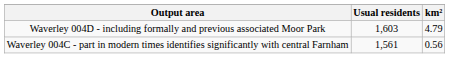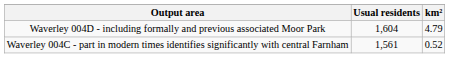 <table class="wikitable">
 <tr>
 </tr>
 <tr>
 <th>Output area</th>
 <th>Usual residents</th>
 <th>km²</th>
 </tr>
 <tr align=center>
 <td>Waverley 004D - including formally and previous associated Moor Park</td>
-<td>1,603</td>
+<td>1,604</td>
 <td>4.79</td>
 </tr>
 <tr align=center>
 <td>Waverley 004C - part in modern times identifies significantly with central Farnham</td>
 <td>1,561</td>
-<td>0.56</td>
+<td>0.52</td>
 </tr>
 </table>
